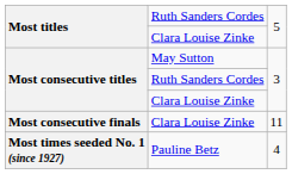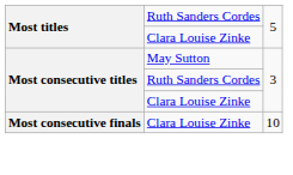 <table class=wikitable>
 <tr>
 <th rowspan = 2 style="text-align:left;">Most titles</th>
 <td> <a href='#'>Ruth Sanders Cordes</a></td>
 <td rowspan = 2 style="text-align:center;">5</td>
 </tr>
 <tr>
 <td> <a href='#'>Clara Louise Zinke</a></td>
 </tr>
 <tr>
 <th rowspan = 3 style="text-align:left;">Most consecutive titles<br> </th>
 <td> <a href='#'>May Sutton</a> <br> <small></small></td>
 <td rowspan = 3 style="text-align:center;">3</td>
 </tr>
 <tr>
 <td> <a href='#'>Ruth Sanders Cordes</a> <br> <small></small></td>
 </tr>
 <tr>
 <td> <a href='#'>Clara Louise Zinke</a> <br> <small></small></td>
 </tr>
 <tr>
 <th style="text-align:left;">Most consecutive finals<br> </th>
 <td> <a href='#'>Clara Louise Zinke</a> <br> <small></small></td>
-<td style="text-align:center;">11</td>
-</tr>
-<tr>
-<th style="text-align:left;">Most times seeded No. 1<br><small><em>(since 1927)</em></small></th>
-<td> <a href='#'>Pauline Betz</a></td>
-<td style="text-align:center;">4</td>
+<td style="text-align:center;">10</td>
 </tr>
 </table>
